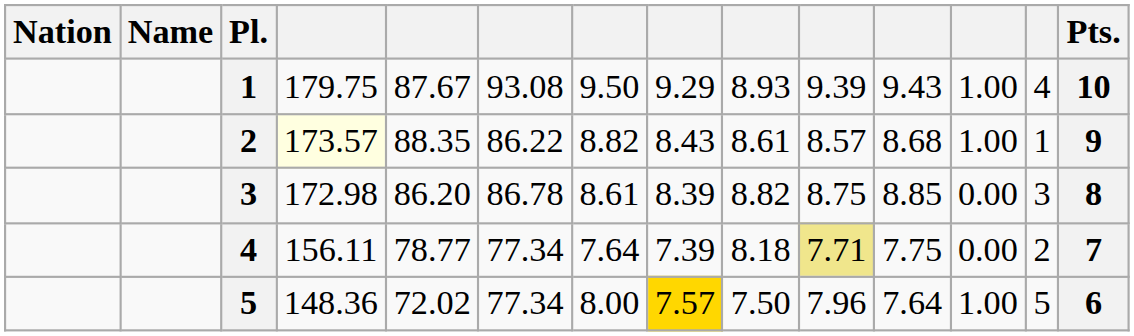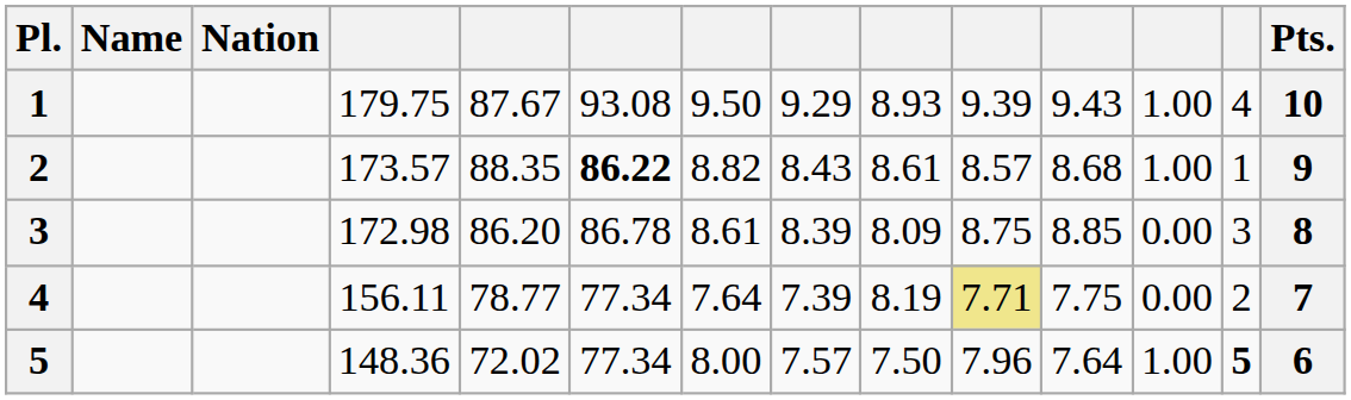 <table class="wikitable sortable" style="text-align:center">
 <tr>
+<th>Pl.</th>
+<th>Name</th>
 <th>Nation</th>
-<th>Name</th>
-<th>Pl.</th>
 <th></th>
 <th></th>
 <th></th>
 <th></th>
 <th></th>
 <th></th>
 <th></th>
 <th></th>
 <th></th>
 <th></th>
 <th>Pts.</th>
 </tr>
 <tr>
+<th>1</th>
 <td align="left"></td>
 <td align="left"></td>
-<th>1</th>
 <td>179.75</td>
 <td>87.67</td>
 <td>93.08</td>
 <td>9.50</td>
 <td>9.29</td>
 <td>8.93</td>
 <td>9.39</td>
 <td>9.43</td>
 <td>1.00</td>
 <td>4</td>
 <th>10</th>
 </tr>
 <tr>
+<th>2</th>
 <td align="left"></td>
 <td align="left"></td>
-<th>2</th>
-<td style="background: lightyellow;">173.57</td>
+<td>173.57</td>
 <td>88.35</td>
-<td>86.22</td>
+<td><strong>86.22</strong></td>
 <td>8.82</td>
 <td>8.43</td>
 <td>8.61</td>
 <td>8.57</td>
 <td>8.68</td>
 <td>1.00</td>
 <td>1</td>
 <th>9</th>
 </tr>
 <tr>
+<th>3</th>
 <td align="left"></td>
 <td align="left"></td>
-<th>3</th>
 <td>172.98</td>
 <td>86.20</td>
 <td>86.78</td>
 <td>8.61</td>
 <td>8.39</td>
-<td>8.82</td>
+<td>8.09</td>
 <td>8.75</td>
 <td>8.85</td>
 <td>0.00</td>
 <td>3</td>
 <th>8</th>
 </tr>
 <tr>
+<th>4</th>
 <td align="left"></td>
 <td align="left"></td>
-<th>4</th>
 <td>156.11</td>
 <td>78.77</td>
 <td>77.34</td>
 <td>7.64</td>
 <td>7.39</td>
-<td>8.18</td>
+<td>8.19</td>
 <td style="background: khaki;">7.71</td>
 <td>7.75</td>
 <td>0.00</td>
 <td>2</td>
 <th>7</th>
 </tr>
 <tr>
+<th>5</th>
 <td align="left"></td>
 <td align="left"></td>
-<th>5</th>
 <td>148.36</td>
 <td>72.02</td>
 <td>77.34</td>
 <td>8.00</td>
-<td style="background: gold;">7.57</td>
+<td>7.57</td>
 <td>7.50</td>
 <td>7.96</td>
 <td>7.64</td>
 <td>1.00</td>
-<td>5</td>
+<td><strong>5</strong></td>
 <th>6</th>
 </tr>
 </table>
